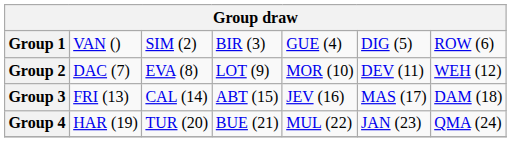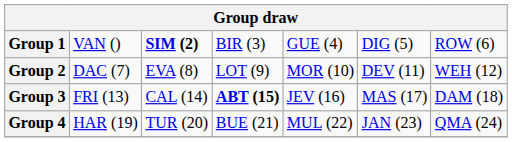 <table class="wikitable" style="text-align:center; font-size:85%">
 <tr>
 <th colspan="7">Group draw</th>
 </tr>
 <tr>
 <th>Group 1</th>
 <td align="left"> <a href='#'>VAN</a> ()</td>
-<td align="left"> <a href='#'>SIM</a> (2)</td>
+<td align="left"><strong> <a href='#'>SIM</a> (2)</strong></td>
 <td align="left"> <a href='#'>BIR</a> (3)</td>
 <td align="left"> <a href='#'>GUE</a> (4)</td>
 <td align="left"> <a href='#'>DIG</a> (5)</td>
 <td align="left"> <a href='#'>ROW</a> (6)</td>
 </tr>
 <tr>
 <th>Group 2</th>
 <td align="left"> <a href='#'>DAC</a> (7)</td>
 <td align="left"> <a href='#'>EVA</a> (8)</td>
 <td align="left"> <a href='#'>LOT</a> (9)</td>
 <td align="left"> <a href='#'>MOR</a> (10)</td>
 <td align="left"> <a href='#'>DEV</a> (11)</td>
 <td align="left"> <a href='#'>WEH</a> (12)</td>
 </tr>
 <tr>
 <th>Group 3</th>
 <td align="left"> <a href='#'>FRI</a> (13)</td>
 <td align="left"> <a href='#'>CAL</a> (14)</td>
-<td align="left"> <a href='#'>ABT</a> (15)</td>
+<td align="left"><strong> <a href='#'>ABT</a> (15)</strong></td>
 <td align="left"> <a href='#'>JEV</a> (16)</td>
 <td align="left"> <a href='#'>MAS</a> (17)</td>
 <td align="left"> <a href='#'>DAM</a> (18)</td>
 </tr>
 <tr>
 <th>Group 4</th>
 <td align="left"> <a href='#'>HAR</a> (19)</td>
 <td align="left"> <a href='#'>TUR</a> (20)</td>
 <td align="left"> <a href='#'>BUE</a> (21)</td>
 <td align="left"> <a href='#'>MUL</a> (22)</td>
 <td align="left"> <a href='#'>JAN</a> (23)</td>
 <td align="left"> <a href='#'>QMA</a> (24)</td>
 </tr>
 <tr>
 </tr>
 </table>
